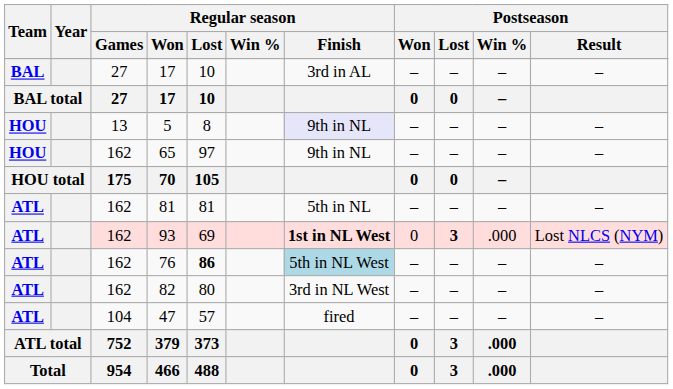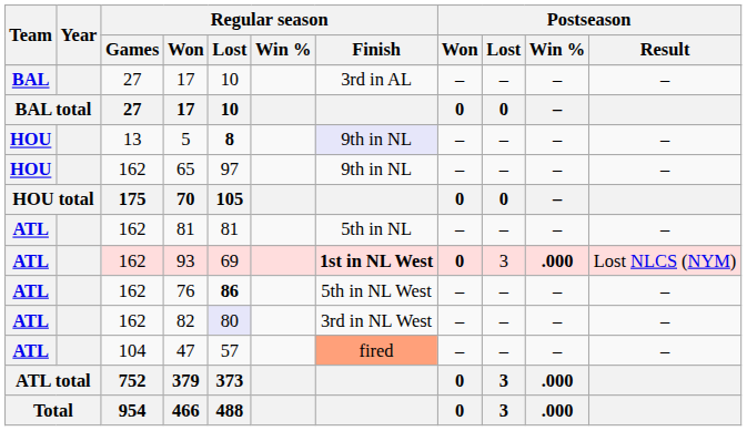 <table class="wikitable" style="font-size: 95%; text-align:center;">
 <tr>
 <th rowspan="2">Team</th>
 <th rowspan="2">Year</th>
 <th colspan="5">Regular season</th>
 <th colspan="4">Postseason</th>
 </tr>
 <tr>
 <th>Games</th>
 <th>Won</th>
 <th>Lost</th>
 <th>Win %</th>
 <th>Finish</th>
 <th>Won</th>
 <th>Lost</th>
 <th>Win %</th>
 <th>Result</th>
 </tr>
 <tr>
 </tr>
 <tr>
 <th><a href='#'>BAL</a></th>
 <th></th>
 <td>27</td>
 <td>17</td>
 <td>10</td>
 <td></td>
 <td>3rd in AL</td>
 <td>–</td>
 <td>–</td>
 <td>–</td>
 <td>–</td>
 </tr>
 <tr>
 <th colspan="2">BAL total</th>
 <th>27</th>
 <th>17</th>
 <th>10</th>
 <th></th>
 <th></th>
 <th>0</th>
 <th>0</th>
 <th>–</th>
 <th></th>
 </tr>
 <tr>
 <th><a href='#'>HOU</a></th>
 <th></th>
 <td>13</td>
 <td>5</td>
-<td>8</td>
+<td><strong>8</strong></td>
 <td></td>
 <td style="background: lavender;">9th in NL</td>
 <td>–</td>
 <td>–</td>
 <td>–</td>
 <td>–</td>
 </tr>
 <tr>
 <th><a href='#'>HOU</a></th>
 <th></th>
 <td>162</td>
 <td>65</td>
 <td>97</td>
 <td></td>
 <td>9th in NL</td>
 <td>–</td>
 <td>–</td>
 <td>–</td>
 <td>–</td>
 </tr>
 <tr>
 <th colspan="2">HOU total</th>
 <th>175</th>
 <th>70</th>
 <th>105</th>
 <th></th>
 <th></th>
 <th>0</th>
 <th>0</th>
 <th>–</th>
 <th></th>
 </tr>
 <tr>
 <th><a href='#'>ATL</a></th>
 <th></th>
 <td>162</td>
 <td>81</td>
 <td>81</td>
 <td></td>
 <td>5th in NL</td>
 <td>–</td>
 <td>–</td>
 <td>–</td>
 <td>–</td>
 </tr>
 <tr style="background:#fdd">
 <th><a href='#'>ATL</a></th>
 <th></th>
 <td>162</td>
 <td>93</td>
 <td>69</td>
 <td></td>
 <td><strong>1st in NL West</strong></td>
-<td>0</td>
-<td><strong>3</strong></td>
-<td>.000</td>
+<td><strong>0</strong></td>
+<td>3</td>
+<td><strong>.000</strong></td>
 <td>Lost <a href='#'>NLCS</a> (<a href='#'>NYM</a>)</td>
 </tr>
 <tr>
 <th><a href='#'>ATL</a></th>
 <th></th>
 <td>162</td>
 <td>76</td>
 <td><strong>86</strong></td>
 <td></td>
-<td style="background: lightblue;">5th in NL West</td>
+<td>5th in NL West</td>
 <td>–</td>
 <td>–</td>
 <td>–</td>
 <td>–</td>
 </tr>
 <tr>
 <th><a href='#'>ATL</a></th>
 <th></th>
 <td>162</td>
 <td>82</td>
-<td>80</td>
+<td style="background: lavender;">80</td>
 <td></td>
 <td>3rd in NL West</td>
 <td>–</td>
 <td>–</td>
 <td>–</td>
 <td>–</td>
 </tr>
 <tr>
 <th><a href='#'>ATL</a></th>
 <th></th>
 <td>104</td>
 <td>47</td>
 <td>57</td>
 <td></td>
-<td>fired</td>
+<td style="background: lightsalmon;">fired</td>
 <td>–</td>
 <td>–</td>
 <td>–</td>
 <td>–</td>
 </tr>
 <tr>
 <th colspan="2">ATL total</th>
 <th>752</th>
 <th>379</th>
 <th>373</th>
 <th></th>
 <th></th>
 <th>0</th>
 <th>3</th>
 <th>.000</th>
 <th></th>
 </tr>
 <tr>
 <th colspan="2">Total</th>
 <th>954</th>
 <th>466</th>
 <th>488</th>
 <th></th>
 <th></th>
 <th>0</th>
 <th>3</th>
 <th>.000</th>
 <th></th>
 </tr>
 </table>
